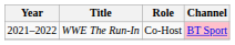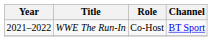 <table class="wikitable unsortable">
 <tr>
 <th>Year</th>
 <th>Title</th>
 <th>Role</th>
 <th>Channel</th>
 </tr>
 <tr>
 <td>2021–2022</td>
 <td><em>WWE The Run-In</em></td>
 <td>Co-Host</td>
-<td style="background: pink;"><a href='#'>BT Sport</a></td>
+<td><a href='#'>BT Sport</a></td>
 </tr>
 <tr>
 </tr>
 </table>
